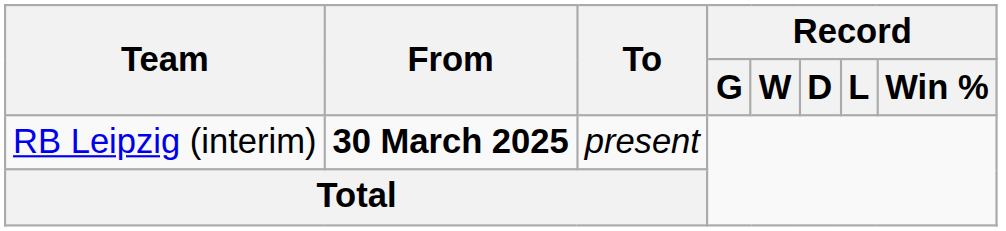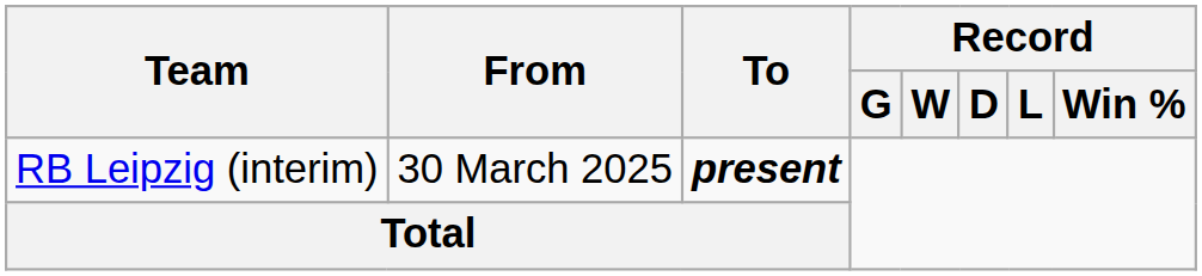 <table class="wikitable" style="text-align: center">
 <tr>
 <th rowspan="2">Team</th>
 <th rowspan="2">From</th>
 <th rowspan="2">To</th>
 <th colspan="5">Record</th>
 </tr>
 <tr>
 <th>G</th>
 <th>W</th>
 <th>D</th>
 <th>L</th>
 <th>Win %</th>
 </tr>
 <tr>
 <td align=left><a href='#'>RB Leipzig</a> (interim)</td>
-<td align=left><strong>30 March 2025</strong></td>
-<td align=left><em>present</em><br></td>
+<td align=left>30 March 2025</td>
+<td align=left><strong><em>present</em><br></strong></td>
 </tr>
 <tr>
 <th colspan="3">Total<br></th>
 </tr>
 </table>
